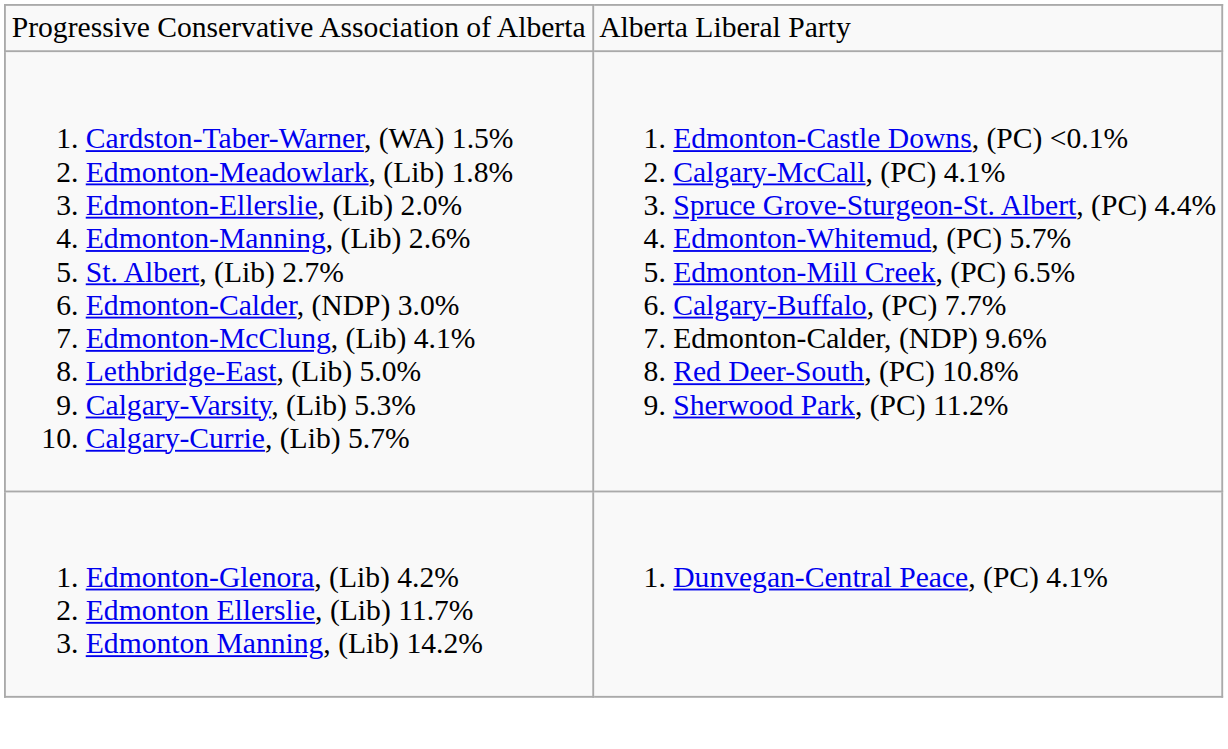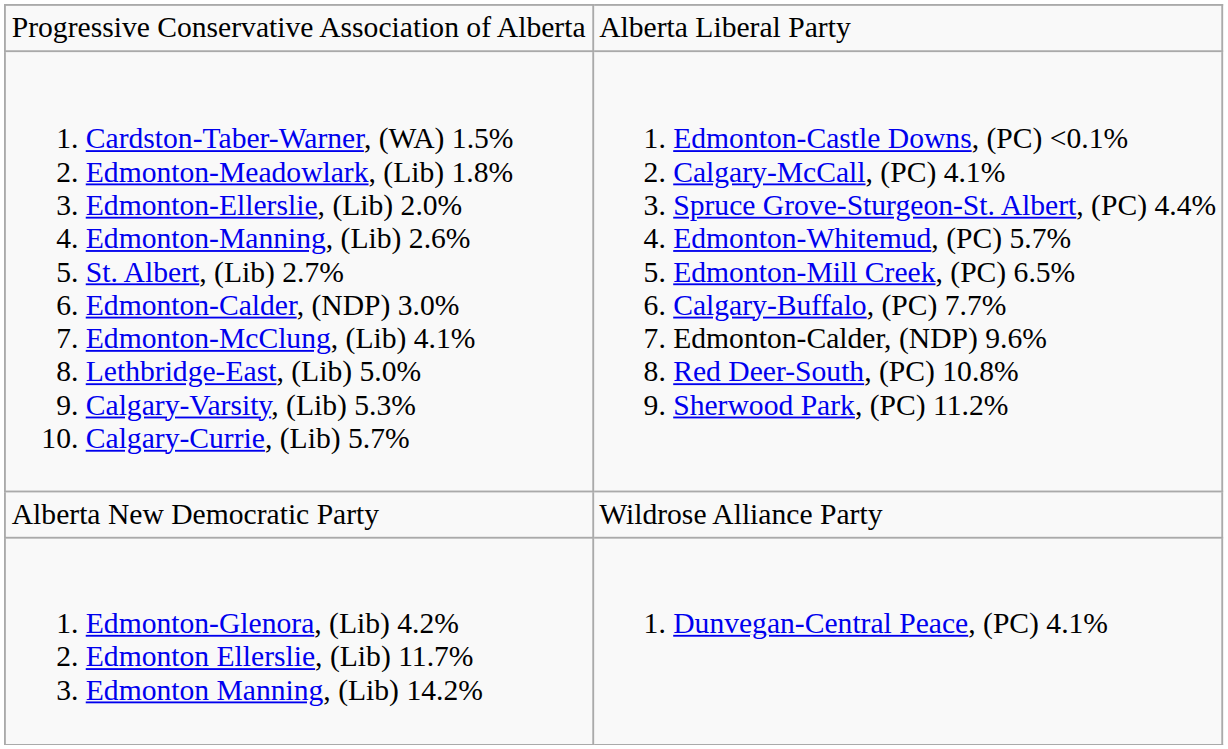 <table class="wikitable">
 <tr>
 <td><span>Progressive Conservative Association of Alberta</span></td>
 <td>Alberta Liberal Party</td>
 </tr>
 <tr valign="top">
 <td><br><ol><li><a href='#'>Cardston-Taber-Warner</a>, (WA) 1.5%</li><li><a href='#'>Edmonton-Meadowlark</a>, (Lib) 1.8%</li><li><a href='#'>Edmonton-Ellerslie</a>, (Lib) 2.0%</li><li><a href='#'>Edmonton-Manning</a>, (Lib) 2.6%</li><li><a href='#'>St. Albert</a>, (Lib) 2.7%</li><li><a href='#'>Edmonton-Calder</a>, (NDP) 3.0%</li><li><a href='#'>Edmonton-McClung</a>, (Lib) 4.1%</li><li><a href='#'>Lethbridge-East</a>, (Lib) 5.0%</li><li><a href='#'>Calgary-Varsity</a>, (Lib) 5.3%</li><li><a href='#'>Calgary-Currie</a>, (Lib) 5.7%</li></ol></td>
 <td><br><ol><li><a href='#'>Edmonton-Castle Downs</a>, (PC) <0.1%</li><li><a href='#'>Calgary-McCall</a>, (PC) 4.1%</li><li><a href='#'>Spruce Grove-Sturgeon-St. Albert</a>, (PC) 4.4%</li><li><a href='#'>Edmonton-Whitemud</a>, (PC) 5.7%</li><li><a href='#'>Edmonton-Mill Creek</a>, (PC) 6.5%</li><li><a href='#'>Calgary-Buffalo</a>, (PC) 7.7%</li><li>Edmonton-Calder, (NDP) 9.6%</li><li><a href='#'>Red Deer-South</a>, (PC) 10.8%</li><li><a href='#'>Sherwood Park</a>, (PC) 11.2%</li></ol></td>
 </tr>
+<tr>
+<td>Alberta New Democratic Party</td>
+<td><span>Wildrose Alliance Party</span></td>
+</tr>
 <tr valign="top">
 <td><br><ol><li><a href='#'>Edmonton-Glenora</a>, (Lib) 4.2%</li><li><a href='#'>Edmonton Ellerslie</a>, (Lib) 11.7%</li><li><a href='#'>Edmonton Manning</a>, (Lib) 14.2%</li></ol></td>
 <td><br><ol><li><a href='#'>Dunvegan-Central Peace</a>, (PC) 4.1%</li></ol></td>
 </tr>
 </table>
